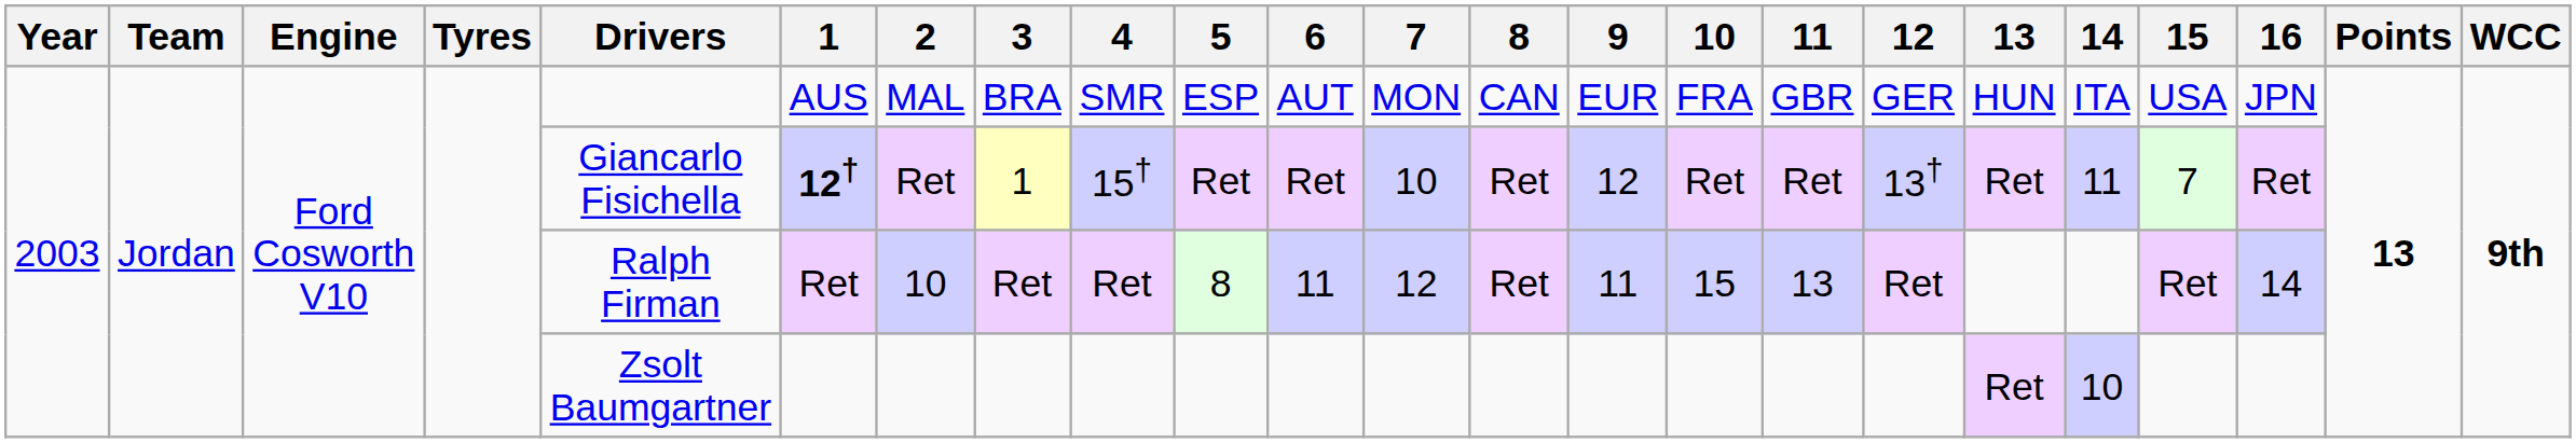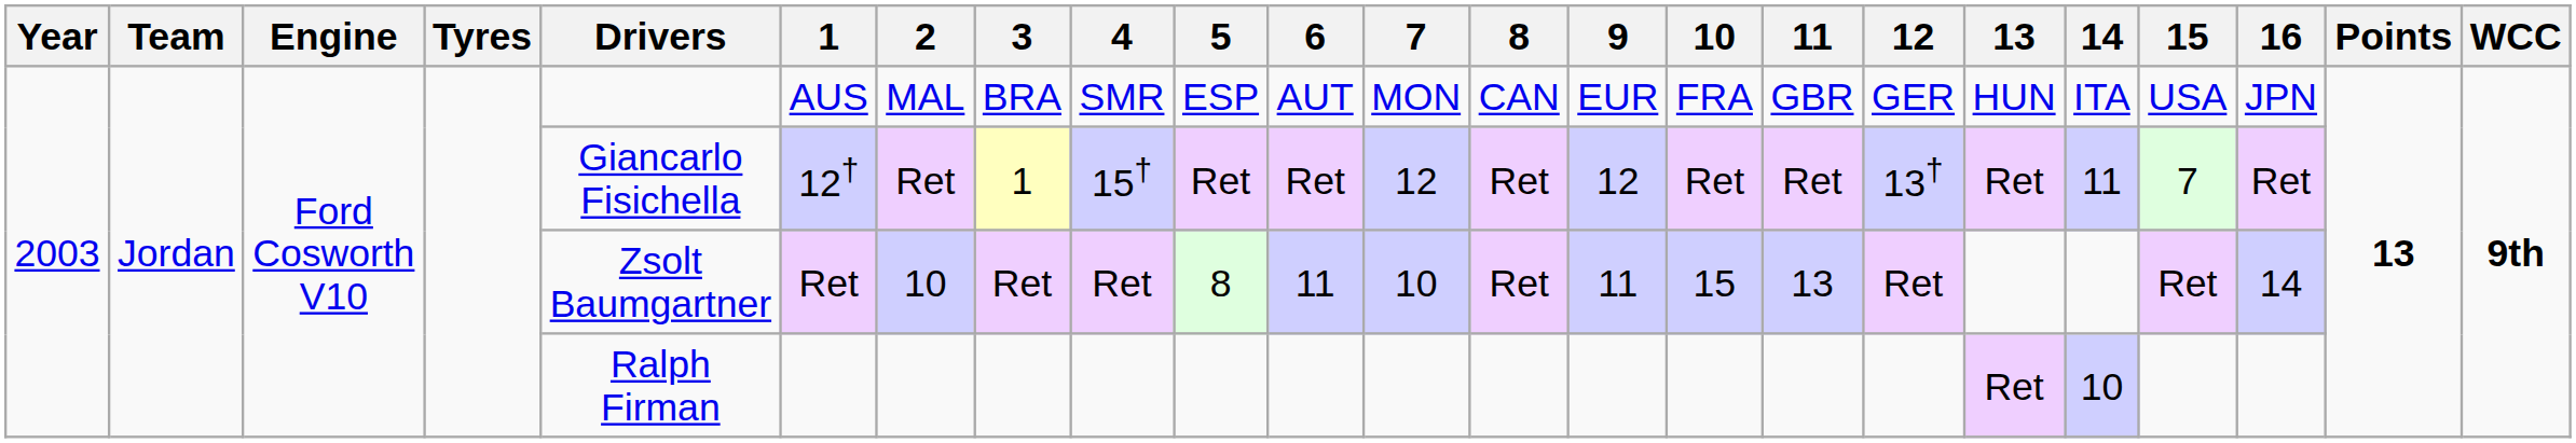 <table class="wikitable" style="text-align:center; font-size:95%">
 <tr>
 <th>Year</th>
 <th>Team</th>
 <th>Engine</th>
 <th>Tyres</th>
 <th>Drivers</th>
 <th>1</th>
 <th>2</th>
 <th>3</th>
 <th>4</th>
 <th>5</th>
 <th>6</th>
 <th>7</th>
 <th>8</th>
 <th>9</th>
 <th>10</th>
 <th>11</th>
 <th>12</th>
 <th>13</th>
 <th>14</th>
 <th>15</th>
 <th>16</th>
 <th>Points</th>
 <th>WCC</th>
 </tr>
 <tr>
 <td rowspan="4"><a href='#'>2003</a></td>
 <td rowspan="4"><a href='#'>Jordan</a></td>
 <td rowspan="4"><a href='#'>Ford</a> <a href='#'>Cosworth</a> <a href='#'>V10</a></td>
 <td rowspan="4"></td>
 <td></td>
 <td><a href='#'>AUS</a></td>
 <td><a href='#'>MAL</a></td>
 <td><a href='#'>BRA</a></td>
 <td><a href='#'>SMR</a></td>
 <td><a href='#'>ESP</a></td>
 <td><a href='#'>AUT</a></td>
 <td><a href='#'>MON</a></td>
 <td><a href='#'>CAN</a></td>
 <td><a href='#'>EUR</a></td>
 <td><a href='#'>FRA</a></td>
 <td><a href='#'>GBR</a></td>
 <td><a href='#'>GER</a></td>
 <td><a href='#'>HUN</a></td>
 <td><a href='#'>ITA</a></td>
 <td><a href='#'>USA</a></td>
 <td><a href='#'>JPN</a></td>
 <td rowspan="4"><strong>13</strong></td>
 <td rowspan="4"><strong>9th</strong></td>
 </tr>
 <tr>
 <td> <a href='#'>Giancarlo Fisichella</a></td>
-<td style="background:#CFCFFF;"><strong>12<sup>†</sup></strong></td>
+<td style="background:#CFCFFF;">12<sup>†</sup></td>
 <td style="background:#EFCFFF;">Ret</td>
 <td style="background:#FFFFBF;">1</td>
 <td style="background:#CFCFFF;">15<sup>†</sup></td>
 <td style="background:#EFCFFF;">Ret</td>
 <td style="background:#EFCFFF;">Ret</td>
-<td style="background:#CFCFFF;">10</td>
+<td style="background:#CFCFFF;">12</td>
 <td style="background:#EFCFFF;">Ret</td>
 <td style="background:#CFCFFF;">12</td>
 <td style="background:#EFCFFF;">Ret</td>
 <td style="background:#EFCFFF;">Ret</td>
 <td style="background:#CFCFFF;">13<sup>†</sup></td>
 <td style="background:#EFCFFF;">Ret</td>
 <td style="background:#CFCFFF;">11</td>
 <td style="background:#DFFFDF;">7</td>
 <td style="background:#EFCFFF;">Ret</td>
 </tr>
 <tr>
-<td> <a href='#'>Ralph Firman</a></td>
+<td> <a href='#'>Zsolt Baumgartner</a></td>
 <td style="background:#EFCFFF;">Ret</td>
 <td style="background:#CFCFFF;">10</td>
 <td style="background:#EFCFFF;">Ret</td>
 <td style="background:#EFCFFF;">Ret</td>
 <td style="background:#DFFFDF;">8</td>
 <td style="background:#CFCFFF;">11</td>
-<td style="background:#CFCFFF;">12</td>
+<td style="background:#CFCFFF;">10</td>
 <td style="background:#EFCFFF;">Ret</td>
 <td style="background:#CFCFFF;">11</td>
 <td style="background:#CFCFFF;">15</td>
 <td style="background:#CFCFFF;">13</td>
 <td style="background:#EFCFFF;">Ret</td>
 <td></td>
 <td></td>
 <td style="background:#EFCFFF;">Ret</td>
 <td style="background:#CFCFFF;">14</td>
 </tr>
 <tr>
-<td> <a href='#'>Zsolt Baumgartner</a></td>
+<td> <a href='#'>Ralph Firman</a></td>
 <td></td>
 <td></td>
 <td></td>
 <td></td>
 <td></td>
 <td></td>
 <td></td>
 <td></td>
 <td></td>
 <td></td>
 <td></td>
 <td></td>
 <td style="background:#EFCFFF;">Ret</td>
 <td style="background:#CFCFFF;">10</td>
 <td></td>
 <td></td>
 </tr>
 </table>
